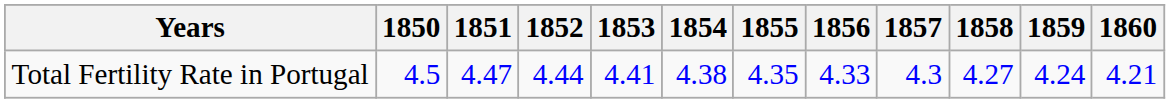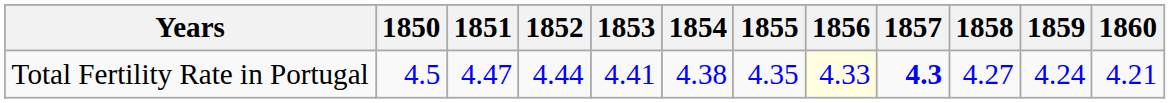 <table class="wikitable " style="text-align:right">
 <tr>
 <th>Years</th>
 <th>1850</th>
 <th>1851</th>
 <th>1852</th>
 <th>1853</th>
 <th>1854</th>
 <th>1855</th>
 <th>1856</th>
 <th>1857</th>
 <th>1858</th>
 <th>1859</th>
 <th>1860</th>
 </tr>
 <tr>
 <td align="left">Total Fertility Rate in Portugal</td>
 <td style="text-align:right; color:blue;">4.5</td>
 <td style="text-align:right; color:blue;">4.47</td>
 <td style="text-align:right; color:blue;">4.44</td>
 <td style="text-align:right; color:blue;">4.41</td>
 <td style="text-align:right; color:blue;">4.38</td>
 <td style="text-align:right; color:blue;">4.35</td>
-<td style="text-align:right; color:blue;">4.33</td>
-<td style="text-align:right; color:blue;">4.3</td>
+<td style="background: lightyellow; text-align:right; color:blue;">4.33</td>
+<td style="text-align:right; color:blue;"><strong>4.3</strong></td>
 <td style="text-align:right; color:blue;">4.27</td>
 <td style="text-align:right; color:blue;">4.24</td>
 <td style="text-align:right; color:blue;">4.21</td>
 </tr>
 </table>
